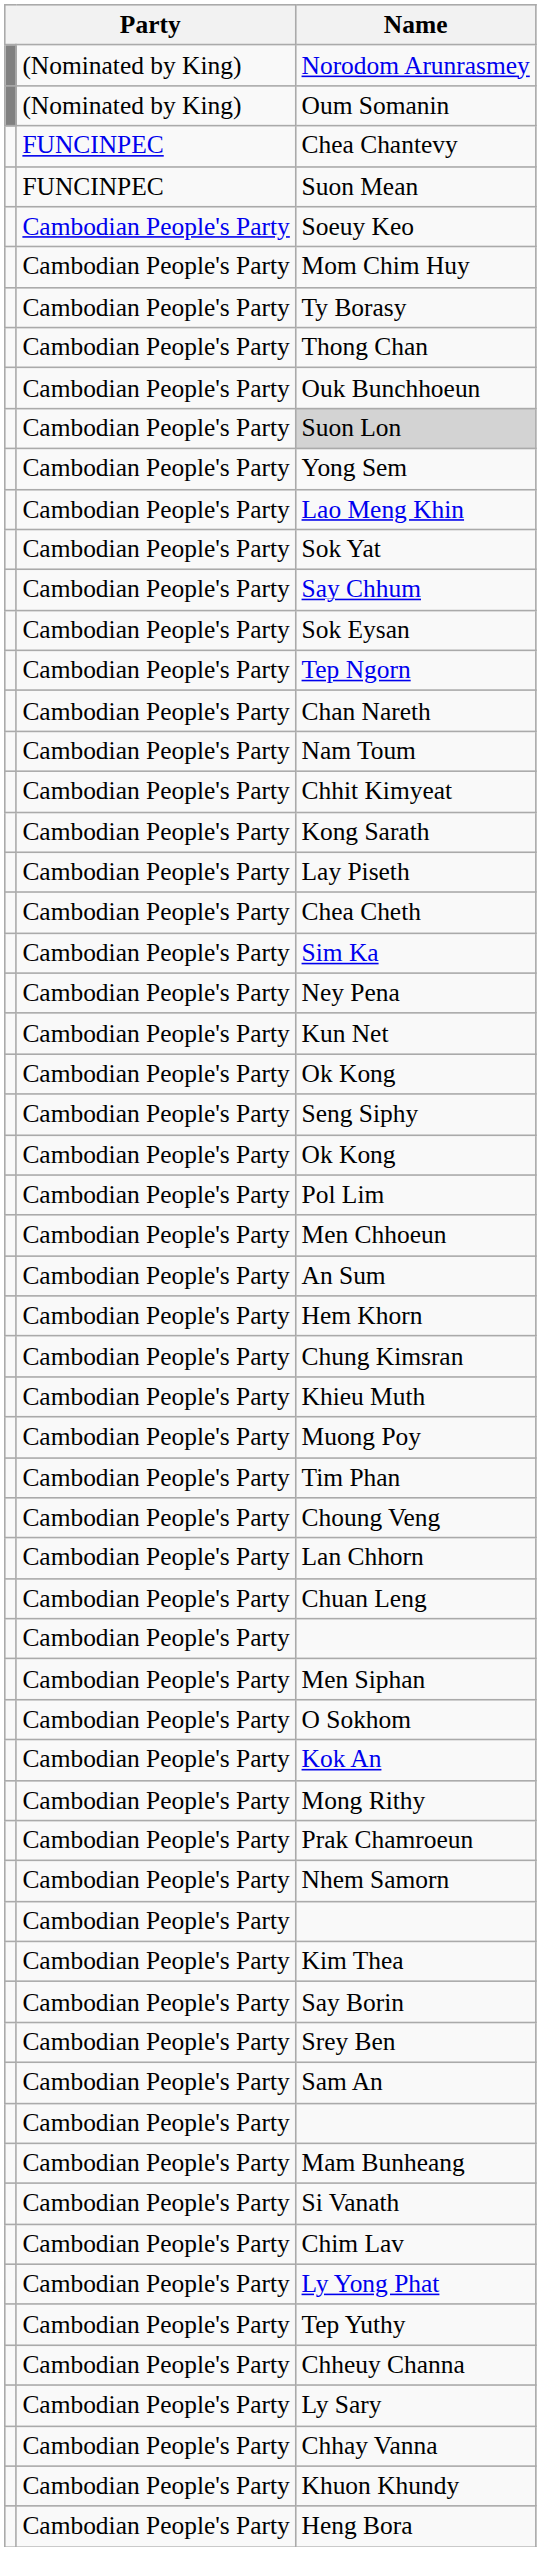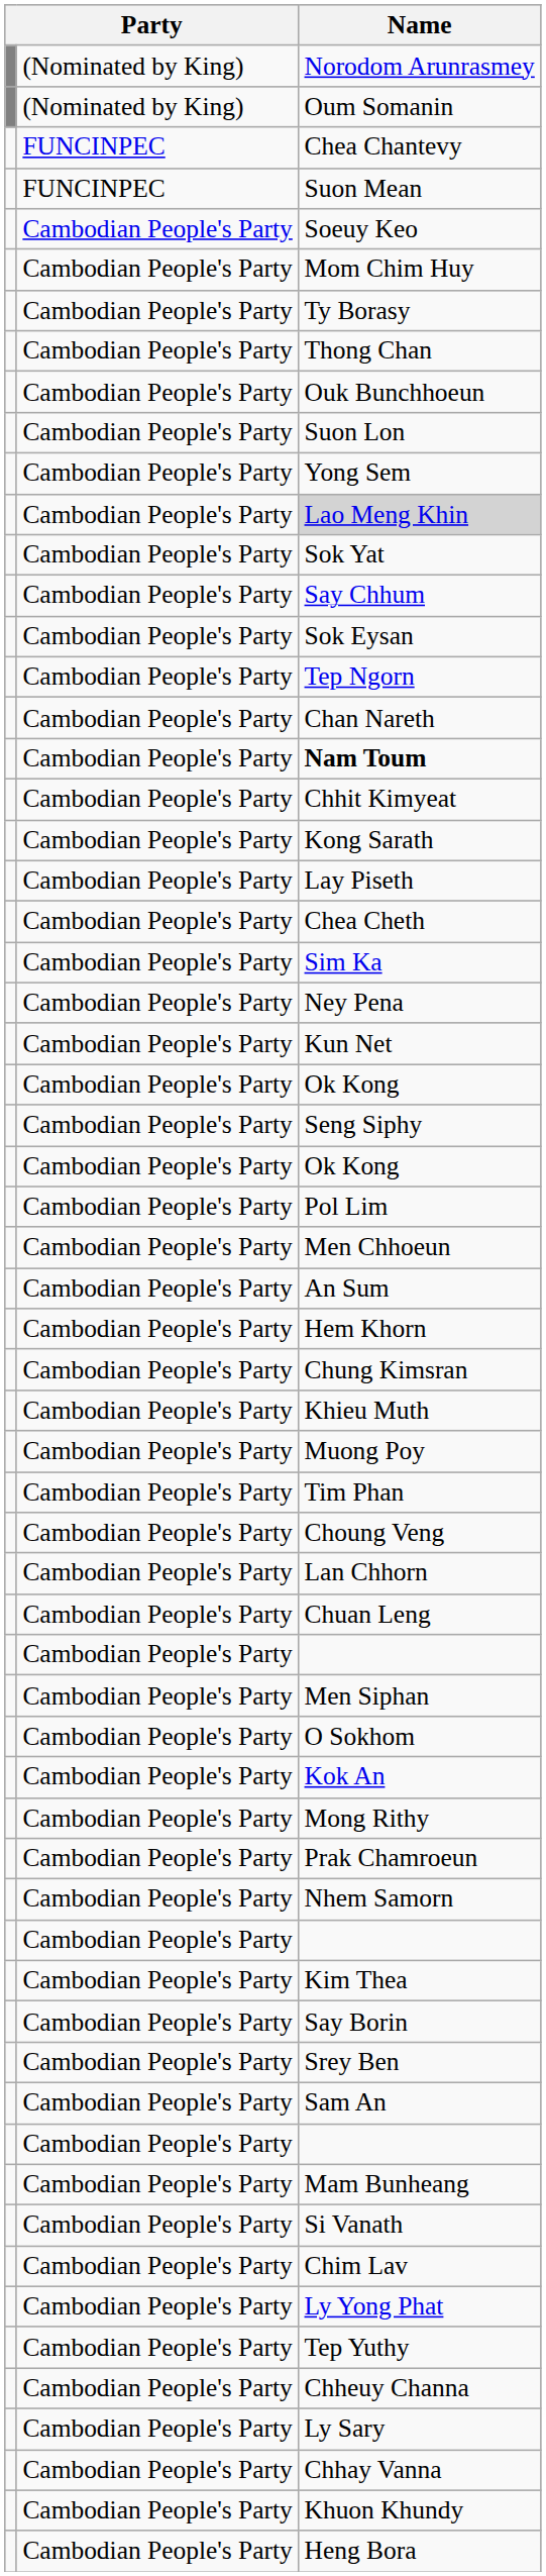 <table class="wikitable sortable mw-collapsible mw-collapsed">
 <tr>
 <th colspan="2">Party</th>
 <th>Name</th>
 </tr>
 <tr>
 <td style="background-color: grey"></td>
 <td>(Nominated by King)</td>
 <td><a href='#'>Norodom Arunrasmey</a></td>
 </tr>
 <tr>
 <td style="background-color: grey"></td>
 <td>(Nominated by King)</td>
 <td>Oum Somanin</td>
 </tr>
 <tr>
 <td style="background-color: "></td>
 <td><a href='#'>FUNCINPEC</a></td>
 <td>Chea Chantevy</td>
 </tr>
 <tr>
 <td style="background-color: "></td>
 <td>FUNCINPEC</td>
 <td>Suon Mean</td>
 </tr>
 <tr>
 <td style="background-color: "></td>
 <td><a href='#'>Cambodian People's Party</a></td>
 <td>Soeuy Keo</td>
 </tr>
 <tr>
 <td style="background-color: "></td>
 <td>Cambodian People's Party</td>
 <td>Mom Chim Huy</td>
 </tr>
 <tr>
 <td style="background-color: "></td>
 <td>Cambodian People's Party</td>
 <td>Ty Borasy</td>
 </tr>
 <tr>
 <td style="background-color: "></td>
 <td>Cambodian People's Party</td>
 <td>Thong Chan</td>
 </tr>
 <tr>
 <td style="background-color: "></td>
 <td>Cambodian People's Party</td>
 <td>Ouk Bunchhoeun</td>
 </tr>
 <tr>
 <td style="background-color: "></td>
 <td>Cambodian People's Party</td>
-<td style="background: lightgrey;">Suon Lon</td>
+<td>Suon Lon</td>
 </tr>
 <tr>
 <td style="background-color: "></td>
 <td>Cambodian People's Party</td>
 <td>Yong Sem</td>
 </tr>
 <tr>
 <td style="background-color: "></td>
 <td>Cambodian People's Party</td>
-<td><a href='#'>Lao Meng Khin</a></td>
+<td style="background: lightgrey;"><a href='#'>Lao Meng Khin</a></td>
 </tr>
 <tr>
 <td style="background-color: "></td>
 <td>Cambodian People's Party</td>
 <td>Sok Yat</td>
 </tr>
 <tr>
 <td style="background-color: "></td>
 <td>Cambodian People's Party</td>
 <td><a href='#'>Say Chhum</a></td>
 </tr>
 <tr>
 <td style="background-color: "></td>
 <td>Cambodian People's Party</td>
 <td>Sok Eysan</td>
 </tr>
 <tr>
 <td style="background-color: "></td>
 <td>Cambodian People's Party</td>
 <td><a href='#'>Tep Ngorn</a></td>
 </tr>
 <tr>
 <td style="background-color: "></td>
 <td>Cambodian People's Party</td>
 <td>Chan Nareth</td>
 </tr>
 <tr>
 <td style="background-color: "></td>
 <td>Cambodian People's Party</td>
-<td>Nam Toum</td>
+<td><strong>Nam Toum</strong></td>
 </tr>
 <tr>
 <td style="background-color: "></td>
 <td>Cambodian People's Party</td>
 <td>Chhit Kimyeat</td>
 </tr>
 <tr>
 <td style="background-color: "></td>
 <td>Cambodian People's Party</td>
 <td>Kong Sarath</td>
 </tr>
 <tr>
 <td style="background-color: "></td>
 <td>Cambodian People's Party</td>
 <td>Lay Piseth</td>
 </tr>
 <tr>
 <td style="background-color: "></td>
 <td>Cambodian People's Party</td>
 <td>Chea Cheth</td>
 </tr>
 <tr>
 <td style="background-color: "></td>
 <td>Cambodian People's Party</td>
 <td><a href='#'>Sim Ka</a></td>
 </tr>
 <tr>
 <td style="background-color: "></td>
 <td>Cambodian People's Party</td>
 <td>Ney Pena</td>
 </tr>
 <tr>
 <td style="background-color: "></td>
 <td>Cambodian People's Party</td>
 <td>Kun Net</td>
 </tr>
 <tr>
 <td style="background-color: "></td>
 <td>Cambodian People's Party</td>
 <td>Ok Kong</td>
 </tr>
 <tr>
 <td style="background-color: "></td>
 <td>Cambodian People's Party</td>
 <td>Seng Siphy</td>
 </tr>
 <tr>
 <td style="background-color: "></td>
 <td>Cambodian People's Party</td>
 <td>Ok Kong</td>
 </tr>
 <tr>
 <td style="background-color: "></td>
 <td>Cambodian People's Party</td>
 <td>Pol Lim</td>
 </tr>
 <tr>
 <td style="background-color: "></td>
 <td>Cambodian People's Party</td>
 <td>Men Chhoeun</td>
 </tr>
 <tr>
 <td style="background-color: "></td>
 <td>Cambodian People's Party</td>
 <td>An Sum</td>
 </tr>
 <tr>
 <td style="background-color: "></td>
 <td>Cambodian People's Party</td>
 <td>Hem Khorn</td>
 </tr>
 <tr>
 <td style="background-color: "></td>
 <td>Cambodian People's Party</td>
 <td>Chung Kimsran</td>
 </tr>
 <tr>
 <td style="background-color: "></td>
 <td>Cambodian People's Party</td>
 <td>Khieu Muth</td>
 </tr>
 <tr>
 <td style="background-color: "></td>
 <td>Cambodian People's Party</td>
 <td>Muong Poy</td>
 </tr>
 <tr>
 <td style="background-color: "></td>
 <td>Cambodian People's Party</td>
 <td>Tim Phan</td>
 </tr>
 <tr>
 <td style="background-color: "></td>
 <td>Cambodian People's Party</td>
 <td>Choung Veng</td>
 </tr>
 <tr>
 <td style="background-color: "></td>
 <td>Cambodian People's Party</td>
 <td>Lan Chhorn</td>
 </tr>
 <tr>
 <td style="background-color: "></td>
 <td>Cambodian People's Party</td>
 <td>Chuan Leng</td>
 </tr>
 <tr>
 <td style="background-color: "></td>
 <td>Cambodian People's Party</td>
 <td></td>
 </tr>
 <tr>
 <td style="background-color: "></td>
 <td>Cambodian People's Party</td>
 <td>Men Siphan</td>
 </tr>
 <tr>
 <td style="background-color: "></td>
 <td>Cambodian People's Party</td>
 <td>O Sokhom</td>
 </tr>
 <tr>
 <td style="background-color: "></td>
 <td>Cambodian People's Party</td>
 <td><a href='#'>Kok An</a></td>
 </tr>
 <tr>
 <td style="background-color: "></td>
 <td>Cambodian People's Party</td>
 <td>Mong Rithy</td>
 </tr>
 <tr>
 <td style="background-color: "></td>
 <td>Cambodian People's Party</td>
 <td>Prak Chamroeun</td>
 </tr>
 <tr>
 <td style="background-color: "></td>
 <td>Cambodian People's Party</td>
 <td>Nhem Samorn</td>
 </tr>
 <tr>
 <td style="background-color: "></td>
 <td>Cambodian People's Party</td>
 <td></td>
 </tr>
 <tr>
 <td style="background-color: "></td>
 <td>Cambodian People's Party</td>
 <td>Kim Thea</td>
 </tr>
 <tr>
 <td style="background-color: "></td>
 <td>Cambodian People's Party</td>
 <td>Say Borin</td>
 </tr>
 <tr>
 <td style="background-color: "></td>
 <td>Cambodian People's Party</td>
 <td>Srey Ben</td>
 </tr>
 <tr>
 <td style="background-color: "></td>
 <td>Cambodian People's Party</td>
 <td>Sam An</td>
 </tr>
 <tr>
 <td style="background-color: "></td>
 <td>Cambodian People's Party</td>
 <td></td>
 </tr>
 <tr>
 <td style="background-color: "></td>
 <td>Cambodian People's Party</td>
 <td>Mam Bunheang</td>
 </tr>
 <tr>
 <td style="background-color: "></td>
 <td>Cambodian People's Party</td>
 <td>Si Vanath</td>
 </tr>
 <tr>
 <td style="background-color: "></td>
 <td>Cambodian People's Party</td>
 <td>Chim Lav</td>
 </tr>
 <tr>
 <td style="background-color: "></td>
 <td>Cambodian People's Party</td>
 <td><a href='#'>Ly Yong Phat</a></td>
 </tr>
 <tr>
 <td style="background-color: "></td>
 <td>Cambodian People's Party</td>
 <td>Tep Yuthy</td>
 </tr>
 <tr>
 <td style="background-color: "></td>
 <td>Cambodian People's Party</td>
 <td>Chheuy Channa</td>
 </tr>
 <tr>
 <td style="background-color: "></td>
 <td>Cambodian People's Party</td>
 <td>Ly Sary</td>
 </tr>
 <tr>
 <td style="background-color: "></td>
 <td>Cambodian People's Party</td>
 <td>Chhay Vanna</td>
 </tr>
 <tr>
 <td style="background-color: "></td>
 <td>Cambodian People's Party</td>
 <td>Khuon Khundy</td>
 </tr>
 <tr>
 <td style="background-color: "></td>
 <td>Cambodian People's Party</td>
 <td>Heng Bora</td>
 </tr>
 </table>
